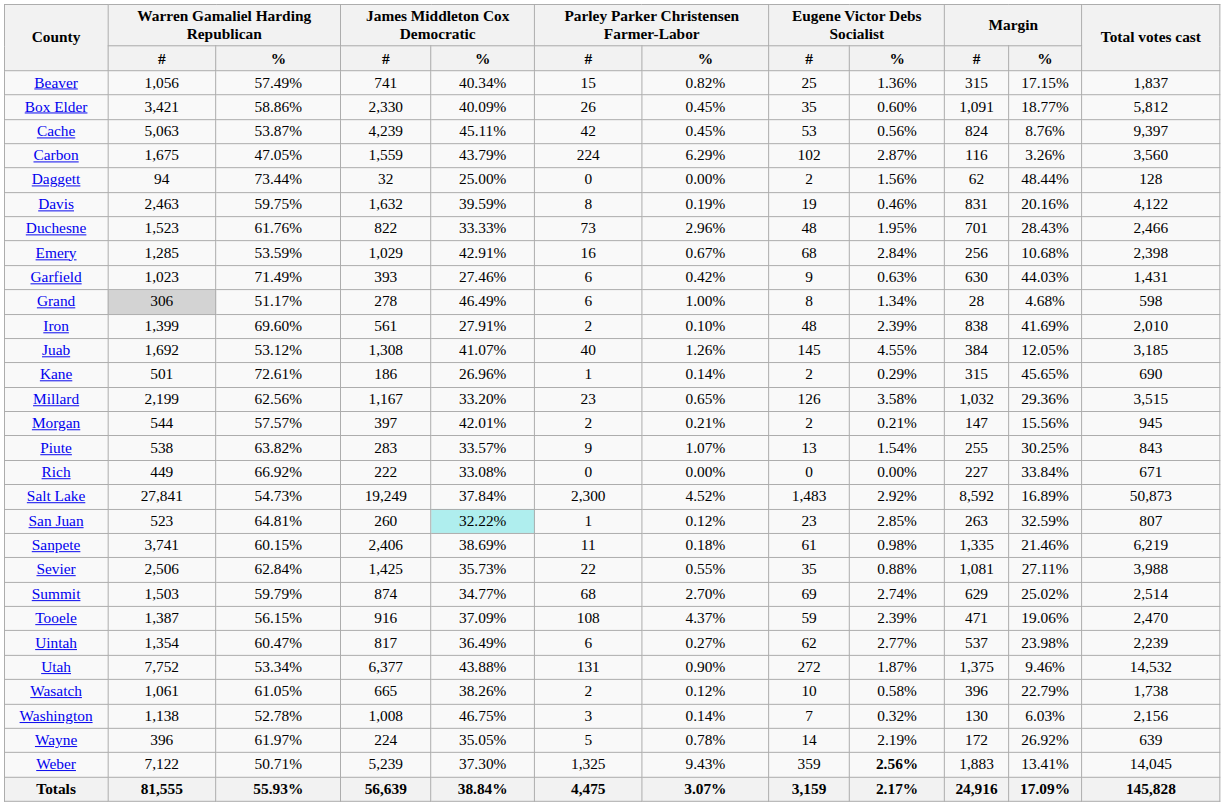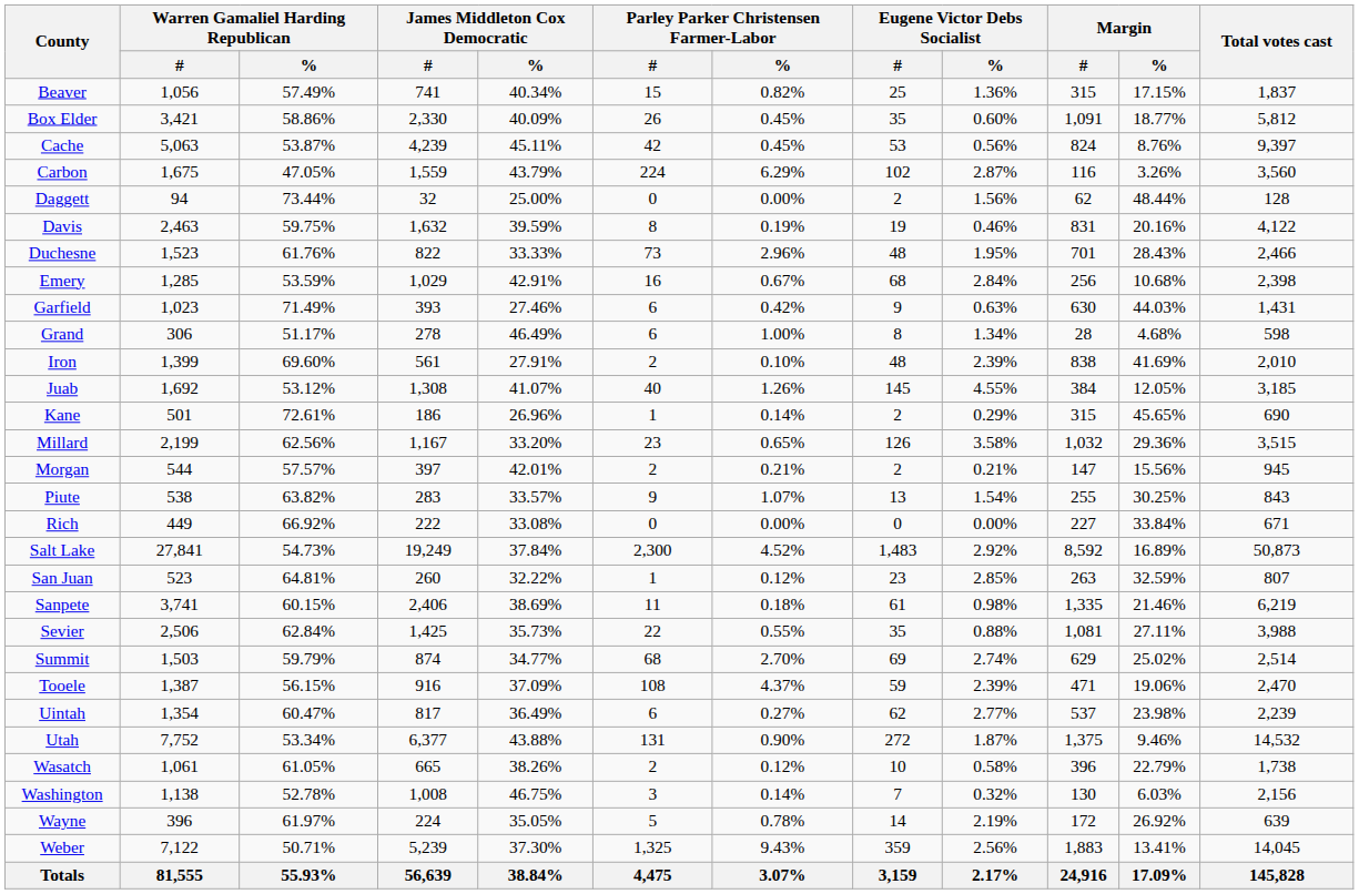 <table width="80%" class="wikitable sortable">
 <tr>
 <th rowspan="2">County</th>
 <th colspan="2">Warren Gamaliel Harding<br>Republican</th>
 <th colspan="2">James Middleton Cox<br>Democratic</th>
 <th colspan="2">Parley Parker Christensen<br>Farmer-Labor</th>
 <th colspan="2">Eugene Victor Debs<br>Socialist</th>
 <th colspan="2">Margin</th>
 <th rowspan="2">Total votes cast</th>
 </tr>
 <tr bgcolor="lightgrey">
 <th style="text-align:center;" data-sort-type="number">#</th>
 <th style="text-align:center;" data-sort-type="number">%</th>
 <th style="text-align:center;" data-sort-type="number">#</th>
 <th style="text-align:center;" data-sort-type="number">%</th>
 <th style="text-align:center;" data-sort-type="number">#</th>
 <th style="text-align:center;" data-sort-type="number">%</th>
 <th style="text-align:center;" data-sort-type="number">#</th>
 <th style="text-align:center;" data-sort-type="number">%</th>
 <th style="text-align:center;" data-sort-type="number">#</th>
 <th style="text-align:center;" data-sort-type="number">%</th>
 </tr>
 <tr style="text-align:center;">
 <td><a href='#'>Beaver</a></td>
 <td>1,056</td>
 <td>57.49%</td>
 <td>741</td>
 <td>40.34%</td>
 <td>15</td>
 <td>0.82%</td>
 <td>25</td>
 <td>1.36%</td>
 <td>315</td>
 <td>17.15%</td>
 <td>1,837</td>
 </tr>
 <tr style="text-align:center;">
 <td><a href='#'>Box Elder</a></td>
 <td>3,421</td>
 <td>58.86%</td>
 <td>2,330</td>
 <td>40.09%</td>
 <td>26</td>
 <td>0.45%</td>
 <td>35</td>
 <td>0.60%</td>
 <td>1,091</td>
 <td>18.77%</td>
 <td>5,812</td>
 </tr>
 <tr style="text-align:center;">
 <td><a href='#'>Cache</a></td>
 <td>5,063</td>
 <td>53.87%</td>
 <td>4,239</td>
 <td>45.11%</td>
 <td>42</td>
 <td>0.45%</td>
 <td>53</td>
 <td>0.56%</td>
 <td>824</td>
 <td>8.76%</td>
 <td>9,397</td>
 </tr>
 <tr style="text-align:center;">
 <td><a href='#'>Carbon</a></td>
 <td>1,675</td>
 <td>47.05%</td>
 <td>1,559</td>
 <td>43.79%</td>
 <td>224</td>
 <td>6.29%</td>
 <td>102</td>
 <td>2.87%</td>
 <td>116</td>
 <td>3.26%</td>
 <td>3,560</td>
 </tr>
 <tr style="text-align:center;">
 <td><a href='#'>Daggett</a></td>
 <td>94</td>
 <td>73.44%</td>
 <td>32</td>
 <td>25.00%</td>
 <td>0</td>
 <td>0.00%</td>
 <td>2</td>
 <td>1.56%</td>
 <td>62</td>
 <td>48.44%</td>
 <td>128</td>
 </tr>
 <tr style="text-align:center;">
 <td><a href='#'>Davis</a></td>
 <td>2,463</td>
 <td>59.75%</td>
 <td>1,632</td>
 <td>39.59%</td>
 <td>8</td>
 <td>0.19%</td>
 <td>19</td>
 <td>0.46%</td>
 <td>831</td>
 <td>20.16%</td>
 <td>4,122</td>
 </tr>
 <tr style="text-align:center;">
 <td><a href='#'>Duchesne</a></td>
 <td>1,523</td>
 <td>61.76%</td>
 <td>822</td>
 <td>33.33%</td>
 <td>73</td>
 <td>2.96%</td>
 <td>48</td>
 <td>1.95%</td>
 <td>701</td>
 <td>28.43%</td>
 <td>2,466</td>
 </tr>
 <tr style="text-align:center;">
 <td><a href='#'>Emery</a></td>
 <td>1,285</td>
 <td>53.59%</td>
 <td>1,029</td>
 <td>42.91%</td>
 <td>16</td>
 <td>0.67%</td>
 <td>68</td>
 <td>2.84%</td>
 <td>256</td>
 <td>10.68%</td>
 <td>2,398</td>
 </tr>
 <tr style="text-align:center;">
 <td><a href='#'>Garfield</a></td>
 <td>1,023</td>
 <td>71.49%</td>
 <td>393</td>
 <td>27.46%</td>
 <td>6</td>
 <td>0.42%</td>
 <td>9</td>
 <td>0.63%</td>
 <td>630</td>
 <td>44.03%</td>
 <td>1,431</td>
 </tr>
 <tr style="text-align:center;">
 <td><a href='#'>Grand</a></td>
-<td style="background: lightgrey;">306</td>
+<td>306</td>
 <td>51.17%</td>
 <td>278</td>
 <td>46.49%</td>
 <td>6</td>
 <td>1.00%</td>
 <td>8</td>
 <td>1.34%</td>
 <td>28</td>
 <td>4.68%</td>
 <td>598</td>
 </tr>
 <tr style="text-align:center;">
 <td><a href='#'>Iron</a></td>
 <td>1,399</td>
 <td>69.60%</td>
 <td>561</td>
 <td>27.91%</td>
 <td>2</td>
 <td>0.10%</td>
 <td>48</td>
 <td>2.39%</td>
 <td>838</td>
 <td>41.69%</td>
 <td>2,010</td>
 </tr>
 <tr style="text-align:center;">
 <td><a href='#'>Juab</a></td>
 <td>1,692</td>
 <td>53.12%</td>
 <td>1,308</td>
 <td>41.07%</td>
 <td>40</td>
 <td>1.26%</td>
 <td>145</td>
 <td>4.55%</td>
 <td>384</td>
 <td>12.05%</td>
 <td>3,185</td>
 </tr>
 <tr style="text-align:center;">
 <td><a href='#'>Kane</a></td>
 <td>501</td>
 <td>72.61%</td>
 <td>186</td>
 <td>26.96%</td>
 <td>1</td>
 <td>0.14%</td>
 <td>2</td>
 <td>0.29%</td>
 <td>315</td>
 <td>45.65%</td>
 <td>690</td>
 </tr>
 <tr style="text-align:center;">
 <td><a href='#'>Millard</a></td>
 <td>2,199</td>
 <td>62.56%</td>
 <td>1,167</td>
 <td>33.20%</td>
 <td>23</td>
 <td>0.65%</td>
 <td>126</td>
 <td>3.58%</td>
 <td>1,032</td>
 <td>29.36%</td>
 <td>3,515</td>
 </tr>
 <tr style="text-align:center;">
 <td><a href='#'>Morgan</a></td>
 <td>544</td>
 <td>57.57%</td>
 <td>397</td>
 <td>42.01%</td>
 <td>2</td>
 <td>0.21%</td>
 <td>2</td>
 <td>0.21%</td>
 <td>147</td>
 <td>15.56%</td>
 <td>945</td>
 </tr>
 <tr style="text-align:center;">
 <td><a href='#'>Piute</a></td>
 <td>538</td>
 <td>63.82%</td>
 <td>283</td>
 <td>33.57%</td>
 <td>9</td>
 <td>1.07%</td>
 <td>13</td>
 <td>1.54%</td>
 <td>255</td>
 <td>30.25%</td>
 <td>843</td>
 </tr>
 <tr style="text-align:center;">
 <td><a href='#'>Rich</a></td>
 <td>449</td>
 <td>66.92%</td>
 <td>222</td>
 <td>33.08%</td>
 <td>0</td>
 <td>0.00%</td>
 <td>0</td>
 <td>0.00%</td>
 <td>227</td>
 <td>33.84%</td>
 <td>671</td>
 </tr>
 <tr style="text-align:center;">
 <td><a href='#'>Salt Lake</a></td>
 <td>27,841</td>
 <td>54.73%</td>
 <td>19,249</td>
 <td>37.84%</td>
 <td>2,300</td>
 <td>4.52%</td>
 <td>1,483</td>
 <td>2.92%</td>
 <td>8,592</td>
 <td>16.89%</td>
 <td>50,873</td>
 </tr>
 <tr style="text-align:center;">
 <td><a href='#'>San Juan</a></td>
 <td>523</td>
 <td>64.81%</td>
 <td>260</td>
-<td style="background: paleturquoise;">32.22%</td>
+<td>32.22%</td>
 <td>1</td>
 <td>0.12%</td>
 <td>23</td>
 <td>2.85%</td>
 <td>263</td>
 <td>32.59%</td>
 <td>807</td>
 </tr>
 <tr style="text-align:center;">
 <td><a href='#'>Sanpete</a></td>
 <td>3,741</td>
 <td>60.15%</td>
 <td>2,406</td>
 <td>38.69%</td>
 <td>11</td>
 <td>0.18%</td>
 <td>61</td>
 <td>0.98%</td>
 <td>1,335</td>
 <td>21.46%</td>
 <td>6,219</td>
 </tr>
 <tr style="text-align:center;">
 <td><a href='#'>Sevier</a></td>
 <td>2,506</td>
 <td>62.84%</td>
 <td>1,425</td>
 <td>35.73%</td>
 <td>22</td>
 <td>0.55%</td>
 <td>35</td>
 <td>0.88%</td>
 <td>1,081</td>
 <td>27.11%</td>
 <td>3,988</td>
 </tr>
 <tr style="text-align:center;">
 <td><a href='#'>Summit</a></td>
 <td>1,503</td>
 <td>59.79%</td>
 <td>874</td>
 <td>34.77%</td>
 <td>68</td>
 <td>2.70%</td>
 <td>69</td>
 <td>2.74%</td>
 <td>629</td>
 <td>25.02%</td>
 <td>2,514</td>
 </tr>
 <tr style="text-align:center;">
 <td><a href='#'>Tooele</a></td>
 <td>1,387</td>
 <td>56.15%</td>
 <td>916</td>
 <td>37.09%</td>
 <td>108</td>
 <td>4.37%</td>
 <td>59</td>
 <td>2.39%</td>
 <td>471</td>
 <td>19.06%</td>
 <td>2,470</td>
 </tr>
 <tr style="text-align:center;">
 <td><a href='#'>Uintah</a></td>
 <td>1,354</td>
 <td>60.47%</td>
 <td>817</td>
 <td>36.49%</td>
 <td>6</td>
 <td>0.27%</td>
 <td>62</td>
 <td>2.77%</td>
 <td>537</td>
 <td>23.98%</td>
 <td>2,239</td>
 </tr>
 <tr style="text-align:center;">
 <td><a href='#'>Utah</a></td>
 <td>7,752</td>
 <td>53.34%</td>
 <td>6,377</td>
 <td>43.88%</td>
 <td>131</td>
 <td>0.90%</td>
 <td>272</td>
 <td>1.87%</td>
 <td>1,375</td>
 <td>9.46%</td>
 <td>14,532</td>
 </tr>
 <tr style="text-align:center;">
 <td><a href='#'>Wasatch</a></td>
 <td>1,061</td>
 <td>61.05%</td>
 <td>665</td>
 <td>38.26%</td>
 <td>2</td>
 <td>0.12%</td>
 <td>10</td>
 <td>0.58%</td>
 <td>396</td>
 <td>22.79%</td>
 <td>1,738</td>
 </tr>
 <tr style="text-align:center;">
 <td><a href='#'>Washington</a></td>
 <td>1,138</td>
 <td>52.78%</td>
 <td>1,008</td>
 <td>46.75%</td>
 <td>3</td>
 <td>0.14%</td>
 <td>7</td>
 <td>0.32%</td>
 <td>130</td>
 <td>6.03%</td>
 <td>2,156</td>
 </tr>
 <tr style="text-align:center;">
 <td><a href='#'>Wayne</a></td>
 <td>396</td>
 <td>61.97%</td>
 <td>224</td>
 <td>35.05%</td>
 <td>5</td>
 <td>0.78%</td>
 <td>14</td>
 <td>2.19%</td>
 <td>172</td>
 <td>26.92%</td>
 <td>639</td>
 </tr>
 <tr style="text-align:center;">
 <td><a href='#'>Weber</a></td>
 <td>7,122</td>
 <td>50.71%</td>
 <td>5,239</td>
 <td>37.30%</td>
 <td>1,325</td>
 <td>9.43%</td>
 <td>359</td>
-<td><strong>2.56%</strong></td>
+<td>2.56%</td>
 <td>1,883</td>
 <td>13.41%</td>
 <td>14,045</td>
 </tr>
 <tr>
 <th>Totals</th>
 <th>81,555</th>
 <th>55.93%</th>
 <th>56,639</th>
 <th>38.84%</th>
 <th>4,475</th>
 <th>3.07%</th>
 <th>3,159</th>
 <th>2.17%</th>
 <th>24,916</th>
 <th>17.09%</th>
 <th>145,828</th>
 </tr>
 </table>
